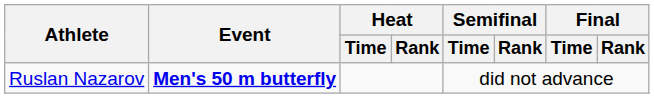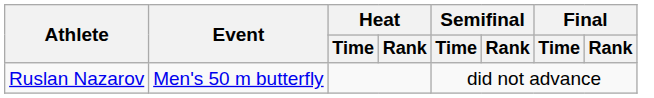 <table class=wikitable style="font-size:90%">
 <tr>
 <th rowspan="2">Athlete</th>
 <th rowspan="2">Event</th>
 <th colspan="2">Heat</th>
 <th colspan="2">Semifinal</th>
 <th colspan="2">Final</th>
 </tr>
 <tr style="font-size:95%">
 <th>Time</th>
 <th>Rank</th>
 <th>Time</th>
 <th>Rank</th>
 <th>Time</th>
 <th>Rank</th>
 </tr>
 <tr align=center>
 <td align=left><a href='#'>Ruslan Nazarov</a></td>
-<td align=left><strong><a href='#'>Men's 50 m butterfly</a></strong></td>
+<td align=left><a href='#'>Men's 50 m butterfly</a></td>
 <td colspan=2></td>
 <td colspan=4>did not advance</td>
 </tr>
 </table>
